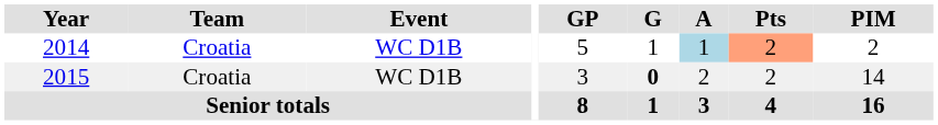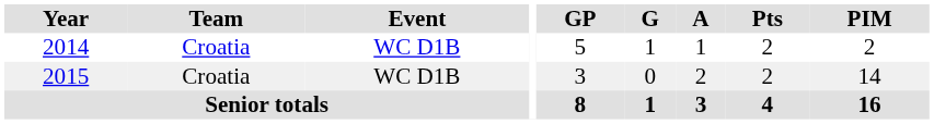 <table border="0" cellpadding="1" cellspacing="0" ID="Table3" style="text-align:center; width:40em">
 <tr ALIGN="center" bgcolor="#e0e0e0">
 <th>Year</th>
 <th>Team</th>
 <th>Event</th>
 <th rowspan="99" bgcolor="#ffffff"></th>
 <th>GP</th>
 <th>G</th>
 <th>A</th>
 <th>Pts</th>
 <th>PIM</th>
 </tr>
 <tr>
 <td><a href='#'>2014</a></td>
 <td><a href='#'>Croatia</a></td>
 <td><a href='#'>WC D1B</a></td>
 <td>5</td>
 <td>1</td>
-<td style="background: lightblue;">1</td>
-<td style="background: lightsalmon;">2</td>
+<td>1</td>
+<td>2</td>
 <td>2</td>
 </tr>
 <tr bgcolor="#f0f0f0">
 <td><a href='#'>2015</a></td>
 <td>Croatia</td>
 <td>WC D1B</td>
 <td>3</td>
-<td><strong>0</strong></td>
+<td>0</td>
 <td>2</td>
 <td>2</td>
 <td>14</td>
 </tr>
 <tr bgcolor="#e0e0e0">
 <th colspan="3">Senior totals</th>
 <th>8</th>
 <th>1</th>
 <th>3</th>
 <th>4</th>
 <th>16</th>
 </tr>
 </table>
